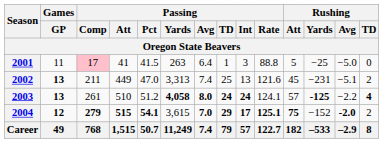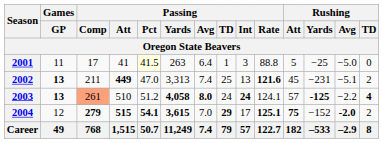 <table class="wikitable" style="text-align:center;">
 <tr>
 <th rowspan="2">Season</th>
 <th colspan="1">Games</th>
 <th colspan="8">Passing</th>
 <th colspan="5">Rushing</th>
 </tr>
 <tr>
 <th>GP</th>
 <th>Comp</th>
 <th>Att</th>
 <th>Pct</th>
 <th>Yards</th>
 <th>Avg</th>
 <th>TD</th>
 <th>Int</th>
 <th>Rate</th>
 <th>Att</th>
 <th>Yards</th>
 <th>Avg</th>
 <th>TD</th>
 </tr>
 <tr>
 <th colspan="15">Oregon State Beavers</th>
 </tr>
 <tr>
 <th><a href='#'>2001</a></th>
 <td>11</td>
-<td style="background: pink;">17</td>
+<td>17</td>
 <td>41</td>
-<td>41.5</td>
+<td style="background: lightyellow;">41.5</td>
 <td>263</td>
 <td>6.4</td>
 <td>1</td>
 <td>3</td>
 <td>88.8</td>
 <td>5</td>
 <td>−25</td>
 <td>−5.0</td>
 <td>0</td>
 </tr>
 <tr>
 <th><a href='#'>2002</a></th>
 <td><strong>13</strong></td>
 <td>211</td>
-<td>449</td>
+<td><strong>449</strong></td>
 <td>47.0</td>
 <td>3,313</td>
 <td>7.4</td>
 <td>25</td>
 <td>13</td>
-<td>121.6</td>
+<td><strong>121.6</strong></td>
 <td>45</td>
 <td>−231</td>
 <td>−5.1</td>
 <td>2</td>
 </tr>
 <tr>
 <th><a href='#'>2003</a></th>
 <td><strong>13</strong></td>
-<td>261</td>
+<td style="background: lightsalmon;">261</td>
 <td>510</td>
 <td>51.2</td>
 <td><strong>4,058</strong></td>
 <td><strong>8.0</strong></td>
-<td><strong>24</strong></td>
+<td>24</td>
 <td><strong>24</strong></td>
 <td>124.1</td>
 <td>57</td>
 <td><strong>-125</strong></td>
 <td>−2.2</td>
 <td><strong>4</strong></td>
 </tr>
 <tr>
 <th><a href='#'>2004</a></th>
-<td><strong>12</strong></td>
+<td>12</td>
 <td><strong>279</strong></td>
 <td><strong>515</strong></td>
 <td><strong>54.1</strong></td>
-<td>3,615</td>
-<td><strong>7.0</strong></td>
+<td><strong>3,615</strong></td>
+<td>7.0</td>
 <td><strong>29</strong></td>
-<td><strong>17</strong></td>
+<td>17</td>
 <td><strong>125.1</strong></td>
 <td><strong>75</strong></td>
 <td>−152</td>
 <td><strong>-2.0</strong></td>
 <td>2</td>
 </tr>
 <tr>
 <th>Career</th>
 <th>49</th>
 <th>768</th>
 <th>1,515</th>
 <th>50.7</th>
 <th>11,249</th>
 <th>7.4</th>
 <th>79</th>
 <th>57</th>
 <th>122.7</th>
 <th>182</th>
 <th>–533</th>
 <th>–2.9</th>
 <th>8</th>
 </tr>
 </table>
